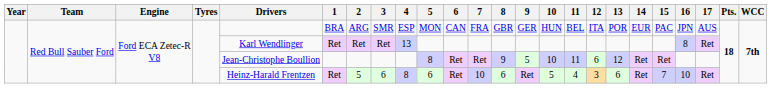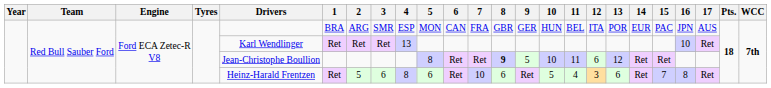 <table class="wikitable" style="text-align:center; font-size:95%">
 <tr>
 <th>Year</th>
 <th>Team</th>
 <th>Engine</th>
 <th>Tyres</th>
 <th>Drivers</th>
 <th>1</th>
 <th>2</th>
 <th>3</th>
 <th>4</th>
 <th>5</th>
 <th>6</th>
 <th>7</th>
 <th>8</th>
 <th>9</th>
 <th>10</th>
 <th>11</th>
 <th>12</th>
 <th>13</th>
 <th>14</th>
 <th>15</th>
 <th>16</th>
 <th>17</th>
 <th>Pts.</th>
 <th>WCC</th>
 </tr>
 <tr>
 <td rowspan="4"></td>
 <td rowspan="4"><a href='#'>Red Bull</a> <a href='#'>Sauber</a> <a href='#'>Ford</a></td>
 <td rowspan="4"><a href='#'>Ford</a> ECA Zetec-R<br><a href='#'>V8</a></td>
 <td rowspan="4"></td>
 <td></td>
 <td><a href='#'>BRA</a></td>
 <td><a href='#'>ARG</a></td>
 <td><a href='#'>SMR</a></td>
 <td><a href='#'>ESP</a></td>
 <td><a href='#'>MON</a></td>
 <td><a href='#'>CAN</a></td>
 <td><a href='#'>FRA</a></td>
 <td><a href='#'>GBR</a></td>
 <td><a href='#'>GER</a></td>
 <td><a href='#'>HUN</a></td>
 <td><a href='#'>BEL</a></td>
 <td><a href='#'>ITA</a></td>
 <td><a href='#'>POR</a></td>
 <td><a href='#'>EUR</a></td>
 <td><a href='#'>PAC</a></td>
 <td><a href='#'>JPN</a></td>
 <td><a href='#'>AUS</a></td>
 <td rowspan="4"><strong>18</strong></td>
 <td rowspan="4"><strong>7th</strong></td>
 </tr>
 <tr>
 <td> <a href='#'>Karl Wendlinger</a></td>
 <td style="background:#efcfff;">Ret</td>
 <td style="background:#efcfff;">Ret</td>
 <td style="background:#efcfff;">Ret</td>
 <td style="background:#cfcfff;">13</td>
 <td></td>
 <td></td>
 <td></td>
 <td></td>
 <td></td>
 <td></td>
 <td></td>
 <td></td>
 <td></td>
 <td></td>
 <td></td>
-<td style="background:#cfcfff;">8</td>
+<td style="background:#cfcfff;">10</td>
 <td style="background:#efcfff;">Ret</td>
 </tr>
 <tr>
 <td> <a href='#'>Jean-Christophe Boullion</a></td>
 <td></td>
 <td></td>
 <td></td>
 <td></td>
 <td style="background:#cfcfff;">8</td>
 <td style="background:#efcfff;">Ret</td>
 <td style="background:#efcfff;">Ret</td>
-<td style="background:#cfcfff;">9</td>
+<td style="background:#cfcfff;"><strong>9</strong></td>
 <td style="background:#dfffdf;">5</td>
 <td style="background:#cfcfff;">10</td>
 <td style="background:#cfcfff;">11</td>
 <td style="background:#dfffdf;">6</td>
 <td style="background:#cfcfff;">12</td>
 <td style="background:#efcfff;">Ret</td>
 <td style="background:#efcfff;">Ret</td>
 <td></td>
 <td></td>
 </tr>
 <tr>
 <td> <a href='#'>Heinz-Harald Frentzen</a></td>
 <td style="background:#efcfff;">Ret</td>
 <td style="background:#dfffdf;">5</td>
 <td style="background:#dfffdf;">6</td>
 <td style="background:#cfcfff;">8</td>
 <td style="background:#dfffdf;">6</td>
 <td style="background:#efcfff;">Ret</td>
 <td style="background:#cfcfff;">10</td>
 <td style="background:#dfffdf;">6</td>
 <td style="background:#efcfff;">Ret</td>
 <td style="background:#dfffdf;">5</td>
 <td style="background:#dfffdf;">4</td>
 <td style="background:#ffdf9f;">3</td>
 <td style="background:#dfffdf;">6</td>
 <td style="background:#efcfff;">Ret</td>
 <td style="background:#cfcfff;">7</td>
-<td style="background:#cfcfff;">10</td>
+<td style="background:#cfcfff;">8</td>
 <td style="background:#efcfff;">Ret</td>
 </tr>
 </table>
